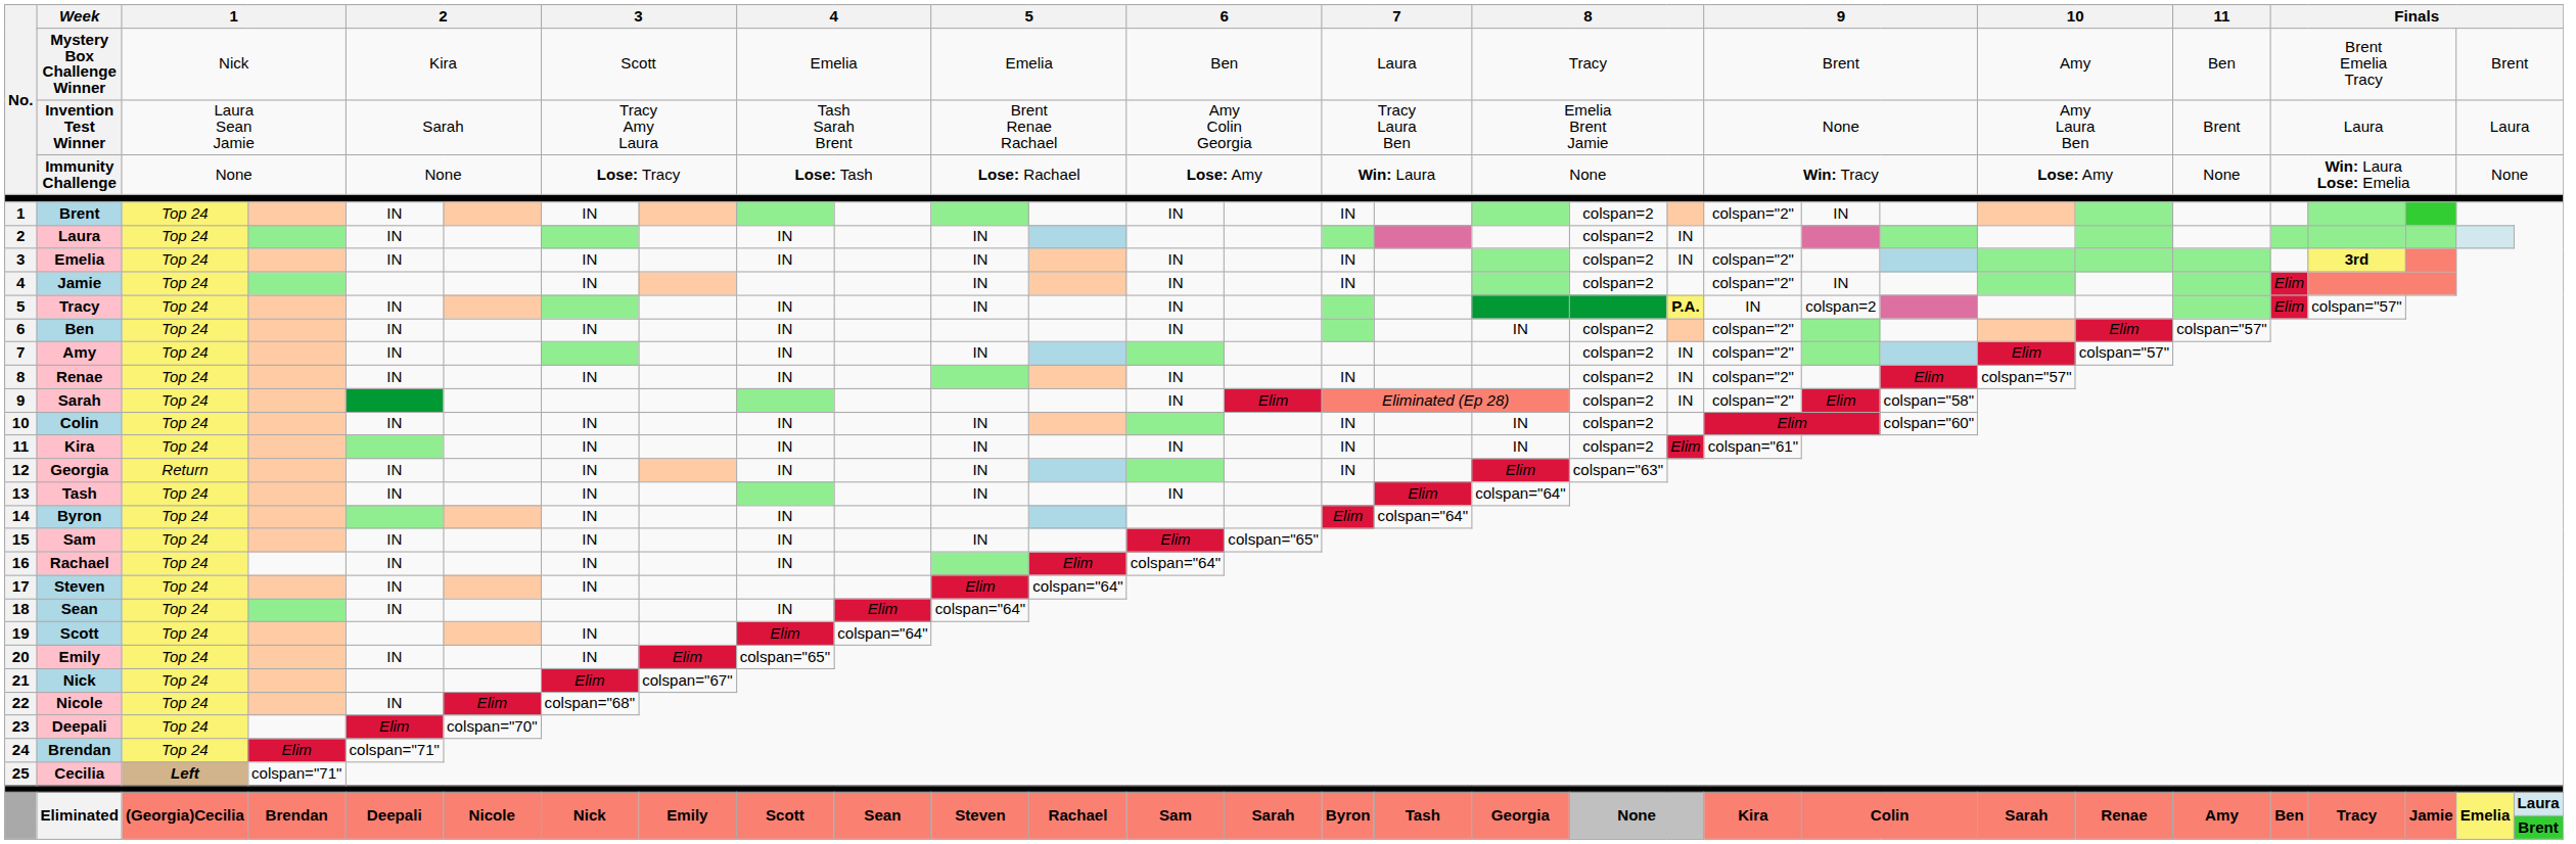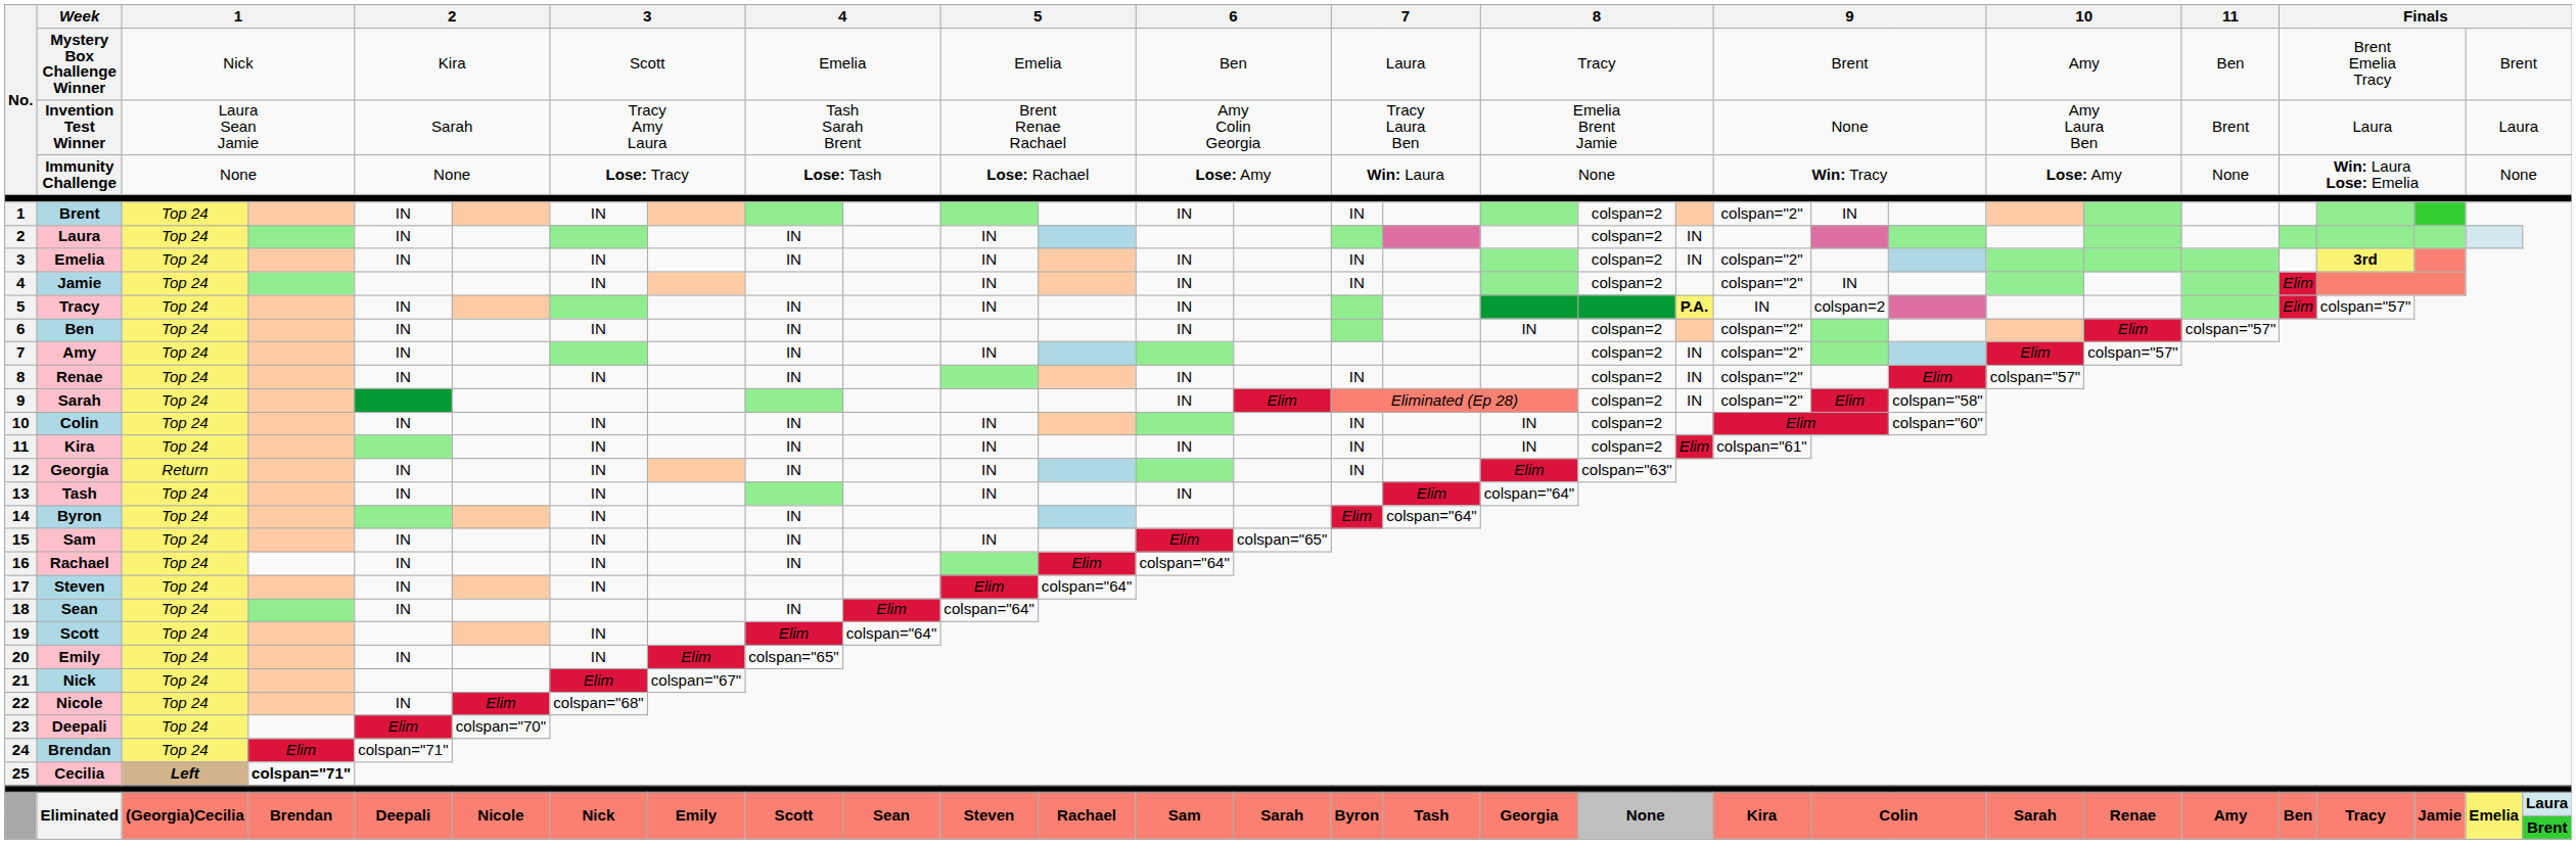 <table class="wikitable" style="text-align:center; width:120px; font-size:90%; line-height:15px">
 <tr>
 <th rowspan="4">No.</th>
 <th><em>Week</em></th>
 <th colspan=2>1</th>
 <th colspan=2>2</th>
 <th colspan=2>3</th>
 <th colspan=2>4</th>
 <th colspan=2>5</th>
 <th colspan=2>6</th>
 <th colspan=2>7</th>
 <th colspan=3>8</th>
 <th colspan=3>9</th>
 <th colspan=2>10</th>
 <th colspan=1>11</th>
 <th colspan=5>Finals</th>
 </tr>
 <tr>
 <th>Mystery Box Challenge Winner</th>
 <td colspan=2>Nick</td>
 <td colspan=2>Kira</td>
 <td colspan=2>Scott</td>
 <td colspan=2>Emelia</td>
 <td colspan=2>Emelia</td>
 <td colspan=2>Ben</td>
 <td colspan=2>Laura</td>
 <td colspan=3>Tracy</td>
 <td colspan=3>Brent</td>
 <td colspan=2>Amy</td>
 <td>Ben</td>
 <td colspan=3>Brent<br>Emelia<br>Tracy</td>
 <td colspan="2">Brent</td>
 </tr>
 <tr>
 <th>Invention Test Winner</th>
 <td colspan=2>Laura<br>Sean<br>Jamie</td>
 <td colspan=2>Sarah</td>
 <td colspan=2>Tracy<br>Amy<br>Laura</td>
 <td colspan=2>Tash<br>Sarah<br>Brent</td>
 <td colspan=2>Brent<br>Renae<br>Rachael</td>
 <td colspan=2>Amy<br>Colin<br>Georgia</td>
 <td colspan=2>Tracy<br>Laura<br>Ben</td>
 <td colspan=3>Emelia<br>Brent<br>Jamie</td>
 <td colspan=3>None</td>
 <td colspan=2>Amy<br>Laura<br>Ben</td>
 <td>Brent</td>
 <td colspan=3>Laura</td>
 <td colspan="2">Laura</td>
 </tr>
 <tr>
 <th>Immunity<br>Challenge</th>
 <td colspan=2>None</td>
 <td colspan=2>None</td>
 <td colspan=2><strong>Lose:</strong> Tracy</td>
 <td colspan=2><strong>Lose:</strong> Tash</td>
 <td colspan=2><strong>Lose:</strong> Rachael</td>
 <td colspan=2><strong>Lose:</strong> Amy</td>
 <td colspan=2><strong>Win:</strong> Laura</td>
 <td colspan=3>None</td>
 <td colspan=3><strong>Win:</strong> Tracy</td>
 <td colspan=2><strong>Lose:</strong> Amy</td>
 <td>None</td>
 <td colspan="3"><strong>Win:</strong> Laura<br><strong>Lose:</strong> Emelia</td>
 <td colspan="2">None</td>
 </tr>
 <tr>
 <td colspan="30" style="background:black"></td>
 </tr>
 <tr>
 <th>1</th>
 <th style="background:lightblue;">Brent</th>
 <td style="background:#fbf373;"><em>Top 24</em></td>
 <td style="background:#FFCBA4;"></td>
 <td>IN</td>
 <td style="background:#FFCBA4;"></td>
 <td>IN</td>
 <td style="background:#FFCBA4;"></td>
 <td style="background:lightgreen;"></td>
 <td></td>
 <td style="background:lightgreen;"></td>
 <td></td>
 <td>IN</td>
 <td></td>
 <td>IN</td>
 <td></td>
 <td style="background:lightgreen;"></td>
 <td>colspan=2 </td>
 <td style="background:#FFCBA4;"></td>
 <td>colspan="2" </td>
 <td>IN</td>
 <td></td>
 <td style="background:#FFCBA4;"></td>
 <td style="background:lightgreen;"></td>
 <td></td>
 <td></td>
 <td style="background:lightgreen;"></td>
 <td style="background:limegreen;"></td>
 </tr>
 <tr>
 <th>2</th>
 <th style="background:pink;">Laura</th>
 <td style="background:#fbf373;"><em>Top 24</em></td>
 <td style="background:lightgreen;"></td>
 <td>IN</td>
 <td></td>
 <td style="background:lightgreen;"></td>
 <td></td>
 <td>IN</td>
 <td></td>
 <td>IN</td>
 <td style="background:lightblue;"></td>
 <td></td>
 <td></td>
 <td style="background:lightgreen;"></td>
 <td style="background:#de6fa1;"></td>
 <td></td>
 <td>colspan=2 </td>
 <td>IN</td>
 <td></td>
 <td style="background:#de6fa1;"></td>
 <td style="background:lightgreen;"></td>
 <td></td>
 <td style="background:lightgreen;"></td>
 <td></td>
 <td style="background:lightgreen;"></td>
 <td style="background:lightgreen;"></td>
 <td style="background:lightgreen;"></td>
 <td style="background:#d1e8ef;"></td>
 </tr>
 <tr>
 <th>3</th>
 <th style="background:pink;">Emelia</th>
 <td style="background:#fbf373;"><em>Top 24</em></td>
 <td style="background:#FFCBA4;"></td>
 <td>IN</td>
 <td></td>
 <td>IN</td>
 <td></td>
 <td>IN</td>
 <td></td>
 <td>IN</td>
 <td style="background:#FFCBA4;"></td>
 <td>IN</td>
 <td></td>
 <td>IN</td>
 <td></td>
 <td style="background:lightgreen;"></td>
 <td>colspan=2 </td>
 <td>IN</td>
 <td>colspan="2" </td>
 <td></td>
 <td style="background:lightblue;"></td>
 <td style="background:lightgreen;"></td>
 <td style="background:lightgreen;"></td>
 <td style="background:lightgreen;"></td>
 <td></td>
 <td style="background:#fbf373;"><strong>3rd</strong></td>
 <td style="background:salmon"></td>
 </tr>
 <tr>
 <th>4</th>
 <th style="background:lightblue;">Jamie</th>
 <td style="background:#fbf373;"><em>Top 24</em></td>
 <td style="background:lightgreen;"></td>
 <td></td>
 <td></td>
 <td>IN</td>
 <td style="background:#FFCBA4;"></td>
 <td></td>
 <td></td>
 <td>IN</td>
 <td style="background:#FFCBA4;"></td>
 <td>IN</td>
 <td></td>
 <td>IN</td>
 <td></td>
 <td style="background:lightgreen;"></td>
 <td>colspan=2 </td>
 <td></td>
 <td>colspan="2" </td>
 <td>IN</td>
 <td></td>
 <td style="background:lightgreen;"></td>
 <td></td>
 <td style="background:lightgreen;"></td>
 <td style="background:crimson;"><em>Elim</em></td>
 <td colspan="2" style="background:salmon"></td>
 </tr>
 <tr>
 <th>5</th>
 <th style="background:pink;">Tracy</th>
 <td style="background:#fbf373;"><em>Top 24</em></td>
 <td style="background:#FFCBA4;"></td>
 <td>IN</td>
 <td style="background:#FFCBA4;"></td>
 <td style="background:lightgreen;"></td>
 <td></td>
 <td>IN</td>
 <td></td>
 <td>IN</td>
 <td></td>
 <td>IN</td>
 <td></td>
 <td style="background:lightgreen;"></td>
 <td></td>
 <td style="background:#093;"><span></span></td>
 <td style="background:#093;"><span></span></td>
 <td style="background:#fbf373;"><strong>P.A.</strong></td>
 <td>IN</td>
 <td>colspan=2 </td>
 <td style="background:#de6fa1;"></td>
 <td></td>
 <td></td>
 <td style="background:lightgreen;"></td>
 <td style="background:crimson;"><em>Elim</em></td>
 <td>colspan="57" </td>
 </tr>
 <tr>
 <th>6</th>
 <th style="background:lightblue;">Ben</th>
 <td style="background:#fbf373;"><em>Top 24</em></td>
 <td style="background:#FFCBA4;"></td>
 <td>IN</td>
 <td></td>
 <td>IN</td>
 <td></td>
 <td>IN</td>
 <td></td>
 <td></td>
 <td></td>
 <td>IN</td>
 <td></td>
 <td style="background:lightgreen;"></td>
 <td></td>
 <td>IN</td>
 <td>colspan=2 </td>
 <td style="background:#FFCBA4;"></td>
 <td>colspan="2" </td>
 <td style="background:lightgreen;"></td>
 <td></td>
 <td style="background:#FFCBA4;"></td>
 <td style="background:crimson;"><em>Elim</em></td>
 <td>colspan="57" </td>
 </tr>
 <tr>
 <th>7</th>
 <th style="background:pink;">Amy</th>
 <td style="background:#fbf373;"><em>Top 24</em></td>
 <td style="background:#FFCBA4;"></td>
 <td>IN</td>
 <td></td>
 <td style="background:lightgreen;"></td>
 <td></td>
 <td>IN</td>
 <td></td>
 <td>IN</td>
 <td style="background:lightblue;"></td>
 <td style="background:lightgreen;"></td>
 <td></td>
 <td></td>
 <td></td>
 <td></td>
 <td>colspan=2 </td>
 <td>IN</td>
 <td>colspan="2" </td>
 <td style="background:lightgreen;"></td>
 <td style="background:lightblue;"></td>
 <td style="background:crimson;"><em>Elim</em></td>
 <td>colspan="57" </td>
 </tr>
 <tr>
 <th>8</th>
 <th style="background:pink;">Renae</th>
 <td style="background:#fbf373;"><em>Top 24</em></td>
 <td style="background:#FFCBA4;"></td>
 <td>IN</td>
 <td></td>
 <td>IN</td>
 <td></td>
 <td>IN</td>
 <td></td>
 <td style="background:lightgreen;"></td>
 <td style="background:#FFCBA4;"></td>
 <td>IN</td>
 <td></td>
 <td>IN</td>
 <td></td>
 <td></td>
 <td>colspan=2 </td>
 <td>IN</td>
 <td>colspan="2" </td>
 <td></td>
 <td style="background:crimson;"><em>Elim</em></td>
 <td>colspan="57" </td>
 </tr>
 <tr>
 <th>9</th>
 <th style="background:pink;">Sarah</th>
 <td style="background:#fbf373;"><em>Top 24</em></td>
 <td style="background:#FFCBA4;"></td>
 <td style="background:#093;"><span></span></td>
 <td></td>
 <td></td>
 <td></td>
 <td style="background:lightgreen;"></td>
 <td></td>
 <td></td>
 <td></td>
 <td>IN</td>
 <td style="background:crimson;"><em>Elim</em></td>
 <td bgcolor="#FA8072" colspan=3><em>Eliminated (Ep 28)</em></td>
 <td>colspan=2 </td>
 <td>IN</td>
 <td>colspan="2" </td>
 <td style="background:crimson;"><em>Elim</em></td>
 <td>colspan="58" </td>
 </tr>
 <tr>
 <th>10</th>
 <th style="background:lightblue;">Colin</th>
 <td style="background:#fbf373;"><em>Top 24</em></td>
 <td style="background:#FFCBA4;"></td>
 <td>IN</td>
 <td></td>
 <td>IN</td>
 <td></td>
 <td>IN</td>
 <td></td>
 <td>IN</td>
 <td style="background:#FFCBA4;"></td>
 <td style="background:lightgreen;"></td>
 <td></td>
 <td>IN</td>
 <td></td>
 <td>IN</td>
 <td>colspan=2 </td>
 <td></td>
 <td colspan="2" style="background:crimson;"><em>Elim</em></td>
 <td>colspan="60" </td>
 </tr>
 <tr>
 <th>11</th>
 <th style="background:pink;">Kira</th>
 <td style="background:#fbf373;"><em>Top 24</em></td>
 <td style="background:#FFCBA4;"></td>
 <td style="background:lightgreen;"></td>
 <td></td>
 <td>IN</td>
 <td></td>
 <td>IN</td>
 <td></td>
 <td>IN</td>
 <td></td>
 <td>IN</td>
 <td></td>
 <td>IN</td>
 <td></td>
 <td>IN</td>
 <td>colspan=2 </td>
 <td style="background:crimson;"><em>Elim</em></td>
 <td>colspan="61" </td>
 </tr>
 <tr>
 <th>12</th>
 <th style="background:pink;">Georgia</th>
 <td style="background:#fbf373;"><em>Return</em></td>
 <td style="background:#FFCBA4;"></td>
 <td>IN</td>
 <td></td>
 <td>IN</td>
 <td style="background:#FFCBA4;"></td>
 <td>IN</td>
 <td></td>
 <td>IN</td>
 <td style="background:lightblue;"></td>
 <td style="background:lightgreen;"></td>
 <td></td>
 <td>IN</td>
 <td></td>
 <td style="background:crimson;"><em>Elim</em></td>
 <td>colspan="63" </td>
 </tr>
 <tr>
 <th>13</th>
 <th style="background:pink;">Tash</th>
 <td style="background:#fbf373;"><em>Top 24</em></td>
 <td style="background:#FFCBA4;"></td>
 <td>IN</td>
 <td></td>
 <td>IN</td>
 <td></td>
 <td style="background:lightgreen;"></td>
 <td></td>
 <td>IN</td>
 <td></td>
 <td>IN</td>
 <td></td>
 <td></td>
 <td style="background:crimson;"><em>Elim</em></td>
 <td>colspan="64" </td>
 </tr>
 <tr>
 <th>14</th>
 <th style="background:lightblue;">Byron</th>
 <td style="background:#fbf373;"><em>Top 24</em></td>
 <td style="background:#FFCBA4;"></td>
 <td style="background:lightgreen;"></td>
 <td style="background:#FFCBA4;"></td>
 <td>IN</td>
 <td></td>
 <td>IN</td>
 <td></td>
 <td></td>
 <td style="background:lightblue;"></td>
 <td></td>
 <td></td>
 <td style="background:crimson;"><em>Elim</em></td>
 <td>colspan="64" </td>
 </tr>
 <tr>
 <th>15</th>
 <th style="background:pink;">Sam</th>
 <td style="background:#fbf373;"><em>Top 24</em></td>
 <td style="background:#FFCBA4;"></td>
 <td>IN</td>
 <td></td>
 <td>IN</td>
 <td></td>
 <td>IN</td>
 <td></td>
 <td>IN</td>
 <td></td>
 <td style="background:crimson;"><em>Elim</em></td>
 <td>colspan="65" </td>
 </tr>
 <tr>
 <th>16</th>
 <th style="background:pink;">Rachael</th>
 <td style="background:#fbf373;"><em>Top 24</em></td>
 <td></td>
 <td>IN</td>
 <td></td>
 <td>IN</td>
 <td></td>
 <td>IN</td>
 <td></td>
 <td style="background:lightgreen;"></td>
 <td style="background:crimson;"><em>Elim</em></td>
 <td>colspan="64" </td>
 </tr>
 <tr>
 <th>17</th>
 <th style="background:lightblue;">Steven</th>
 <td style="background:#fbf373;"><em>Top 24</em></td>
 <td style="background:#FFCBA4;"></td>
 <td>IN</td>
 <td style="background:#FFCBA4;"></td>
 <td>IN</td>
 <td></td>
 <td></td>
 <td></td>
 <td style="background:crimson;"><em>Elim</em></td>
 <td>colspan="64" </td>
 </tr>
 <tr>
 <th>18</th>
 <th style="background:lightblue;">Sean</th>
 <td style="background:#fbf373;"><em>Top 24</em></td>
 <td style="background:lightgreen;"></td>
 <td>IN</td>
 <td></td>
 <td></td>
 <td></td>
 <td>IN</td>
 <td style="background:crimson;"><em>Elim</em></td>
 <td>colspan="64" </td>
 </tr>
 <tr>
 <th>19</th>
 <th style="background:lightblue;">Scott</th>
 <td style="background:#fbf373;"><em>Top 24</em></td>
 <td style="background:#FFCBA4;"></td>
 <td></td>
 <td style="background:#FFCBA4;"></td>
 <td>IN</td>
 <td></td>
 <td style="background:crimson;"><em>Elim</em></td>
 <td>colspan="64" </td>
 </tr>
 <tr>
 <th>20</th>
 <th style="background:pink;">Emily</th>
 <td style="background:#fbf373;"><em>Top 24</em></td>
 <td style="background:#FFCBA4;"></td>
 <td>IN</td>
 <td></td>
 <td>IN</td>
 <td style="background:crimson;"><em>Elim</em></td>
 <td>colspan="65" </td>
 </tr>
 <tr>
 <th>21</th>
 <th style="background:lightblue;">Nick</th>
 <td style="background:#fbf373;"><em>Top 24</em></td>
 <td style="background:#FFCBA4;"></td>
 <td></td>
 <td></td>
 <td style="background:crimson;"><em>Elim</em></td>
 <td>colspan="67" </td>
 </tr>
 <tr>
 <th>22</th>
 <th style="background:pink;">Nicole</th>
 <td style="background:#fbf373;"><em>Top 24</em></td>
 <td style="background:#FFCBA4;"></td>
 <td>IN</td>
 <td style="background:crimson;"><em>Elim</em></td>
 <td>colspan="68" </td>
 </tr>
 <tr>
 <th>23</th>
 <th style="background:pink;">Deepali</th>
 <td style="background:#fbf373;"><em>Top 24</em></td>
 <td></td>
 <td style="background:crimson;"><em>Elim</em></td>
 <td>colspan="70" </td>
 </tr>
 <tr>
 <th>24</th>
 <th style="background:lightblue;">Brendan</th>
 <td style="background:#fbf373;"><em>Top 24</em></td>
 <td style="background:crimson;"><em>Elim</em></td>
 <td>colspan="71" </td>
 </tr>
 <tr>
 <th>25</th>
 <th style="background:pink;">Cecilia</th>
 <td style="background:tan;"><strong><em>Left</em></strong></td>
-<td>colspan="71" </td>
+<td><strong>colspan="71" </strong></td>
 </tr>
 <tr>
 <td colspan="30" style="background:black;"></td>
 </tr>
 <tr>
 <td rowspan="2" style="background:darkgray;"></td>
 <th rowspan="2">Eliminated</th>
 <td rowspan="2" style="background:salmon;"><strong>(Georgia)Cecilia</strong></td>
 <td rowspan="2" style="background:salmon;"><strong>Brendan</strong></td>
 <td rowspan="2" style="background:salmon;"><strong>Deepali</strong></td>
 <td rowspan="2" style="background:salmon;"><strong>Nicole</strong></td>
 <td rowspan="2" style="background:salmon;"><strong>Nick</strong></td>
 <td rowspan="2" style="background:salmon;"><strong>Emily</strong></td>
 <td rowspan="2" style="background:salmon;"><strong>Scott</strong></td>
 <td rowspan="2" style="background:salmon;"><strong>Sean</strong></td>
 <td rowspan="2" style="background:salmon;"><strong>Steven</strong></td>
 <td rowspan="2" style="background:salmon;"><strong>Rachael</strong></td>
 <td rowspan="2" style="background:salmon;"><strong>Sam</strong></td>
 <td rowspan="2" style="background:salmon;"><strong>Sarah</strong><br></td>
 <td rowspan="2" style="background:salmon;"><strong>Byron</strong></td>
 <td rowspan="2" style="background:salmon;"><strong>Tash</strong></td>
 <td rowspan="2" style="background:salmon;"><strong>Georgia</strong></td>
 <td colspan="2" rowspan="2" style="background:silver;"><strong>None</strong></td>
 <td rowspan="2" style="background:salmon;"><strong>Kira</strong></td>
 <td rowspan="2" colspan="2" style="background:salmon;"><strong>Colin</strong></td>
 <td rowspan="2" style="background:salmon;"><strong>Sarah</strong><br></td>
 <td rowspan="2" style="background:salmon;"><strong>Renae</strong></td>
 <td rowspan="2" style="background:salmon;"><strong>Amy</strong></td>
 <td rowspan="2" style="background:salmon;"><strong>Ben</strong></td>
 <td rowspan="2" style="background:salmon;"><strong>Tracy</strong></td>
 <td rowspan="2" style="background:salmon;"><strong>Jamie</strong></td>
 <td rowspan="2" style="background:#fbf373;"><strong>Emelia</strong></td>
 <td style="background:#d1e8ef;"><strong>Laura</strong><br></td>
 </tr>
 <tr>
 <td style="background:limegreen;"><strong>Brent</strong><br></td>
 </tr>
 </table>
